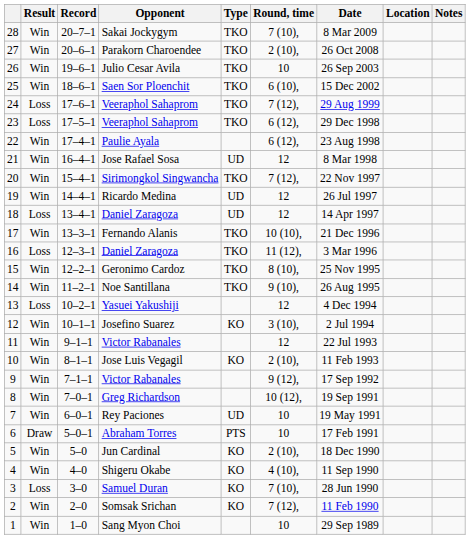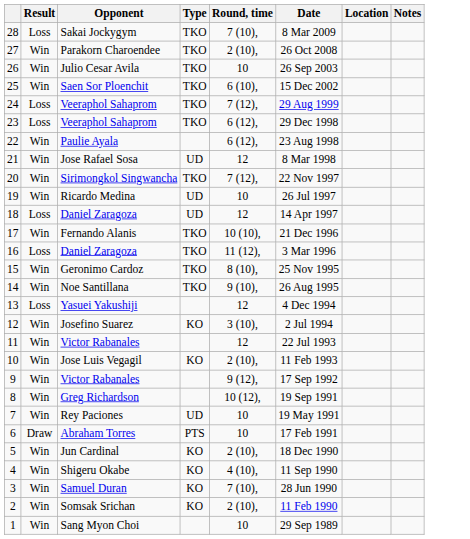 <table class="wikitable" style="text-align:center">
 <tr>
 <th></th>
 <th>Result</th>
-<th>Record</th>
 <th>Opponent</th>
 <th>Type</th>
 <th>Round, time</th>
 <th>Date</th>
 <th>Location</th>
 <th>Notes</th>
 </tr>
 <tr>
 <td>28</td>
-<td>Win</td>
-<td>20–7–1</td>
+<td>Loss</td>
 <td align=left> Sakai Jockygym</td>
 <td>TKO</td>
 <td>7 (10), </td>
 <td>8 Mar 2009</td>
 <td align=left> </td>
 <td align=left></td>
 </tr>
 <tr>
 <td>27</td>
 <td>Win</td>
-<td>20–6–1</td>
 <td align=left> Parakorn Charoendee</td>
 <td>TKO</td>
 <td>2 (10), </td>
 <td>26 Oct 2008</td>
 <td align=left> </td>
 <td align=left></td>
 </tr>
 <tr>
 <td>26</td>
 <td>Win</td>
-<td>19–6–1</td>
 <td align=left> Julio Cesar Avila</td>
 <td>TKO</td>
 <td>10</td>
 <td>26 Sep 2003</td>
 <td align=left> </td>
 <td align=left></td>
 </tr>
 <tr>
 <td>25</td>
 <td>Win</td>
-<td>18–6–1</td>
 <td align=left> <a href='#'>Saen Sor Ploenchit</a></td>
 <td>TKO</td>
 <td>6 (10), </td>
 <td>15 Dec 2002</td>
 <td align=left> </td>
 <td align=left></td>
 </tr>
 <tr>
 <td>24</td>
 <td>Loss</td>
-<td>17–6–1</td>
 <td align=left> <a href='#'>Veeraphol Sahaprom</a></td>
 <td>TKO</td>
 <td>7 (12), </td>
 <td><a href='#'>29 Aug 1999</a></td>
 <td align=left> </td>
 <td align=left></td>
 </tr>
 <tr>
 <td>23</td>
 <td>Loss</td>
-<td>17–5–1</td>
 <td align=left> <a href='#'>Veeraphol Sahaprom</a></td>
 <td>TKO</td>
 <td>6 (12), </td>
 <td>29 Dec 1998</td>
 <td align=left> </td>
 <td align=left></td>
 </tr>
 <tr>
 <td>22</td>
 <td>Win</td>
-<td>17–4–1</td>
 <td align=left> <a href='#'>Paulie Ayala</a></td>
 <td></td>
 <td>6 (12), </td>
 <td>23 Aug 1998</td>
 <td align=left> </td>
 <td align=left></td>
 </tr>
 <tr>
 <td>21</td>
 <td>Win</td>
-<td>16–4–1</td>
 <td align=left> Jose Rafael Sosa</td>
 <td>UD</td>
 <td>12</td>
 <td>8 Mar 1998</td>
 <td align=left> </td>
 <td align=left></td>
 </tr>
 <tr>
 <td>20</td>
 <td>Win</td>
-<td>15–4–1</td>
 <td align=left> <a href='#'>Sirimongkol Singwancha</a></td>
 <td>TKO</td>
 <td>7 (12), </td>
 <td>22 Nov 1997</td>
 <td align=left> </td>
 <td align=left></td>
 </tr>
 <tr>
 <td>19</td>
 <td>Win</td>
-<td>14–4–1</td>
 <td align=left> Ricardo Medina</td>
 <td>UD</td>
-<td>12</td>
+<td>10</td>
 <td>26 Jul 1997</td>
 <td align=left> </td>
 <td align=left></td>
 </tr>
 <tr>
 <td>18</td>
 <td>Loss</td>
-<td>13–4–1</td>
 <td align=left> <a href='#'>Daniel Zaragoza</a></td>
 <td>UD</td>
 <td>12</td>
 <td>14 Apr 1997</td>
 <td align=left> </td>
 <td align=left></td>
 </tr>
 <tr>
 <td>17</td>
 <td>Win</td>
-<td>13–3–1</td>
 <td align=left> Fernando Alanis</td>
 <td>TKO</td>
 <td>10 (10), </td>
 <td>21 Dec 1996</td>
 <td align=left> </td>
 <td align=left></td>
 </tr>
 <tr>
 <td>16</td>
 <td>Loss</td>
-<td>12–3–1</td>
 <td align=left> <a href='#'>Daniel Zaragoza</a></td>
 <td>TKO</td>
 <td>11 (12), </td>
 <td>3 Mar 1996</td>
 <td align=left> </td>
 <td align=left></td>
 </tr>
 <tr>
 <td>15</td>
 <td>Win</td>
-<td>12–2–1</td>
 <td align=left> Geronimo Cardoz</td>
 <td>TKO</td>
 <td>8 (10), </td>
 <td>25 Nov 1995</td>
 <td align=left> </td>
 <td align=left></td>
 </tr>
 <tr>
 <td>14</td>
 <td>Win</td>
-<td>11–2–1</td>
 <td align=left> Noe Santillana</td>
 <td>TKO</td>
 <td>9 (10), </td>
 <td>26 Aug 1995</td>
 <td align=left> </td>
 <td align=left></td>
 </tr>
 <tr>
 <td>13</td>
 <td>Loss</td>
-<td>10–2–1</td>
 <td align=left> <a href='#'>Yasuei Yakushiji</a></td>
 <td></td>
 <td>12</td>
 <td>4 Dec 1994</td>
 <td align=left> </td>
 <td align=left></td>
 </tr>
 <tr>
 <td>12</td>
 <td>Win</td>
-<td>10–1–1</td>
 <td align=left> Josefino Suarez</td>
 <td>KO</td>
 <td>3 (10), </td>
 <td>2 Jul 1994</td>
 <td align=left> </td>
 <td align=left></td>
 </tr>
 <tr>
 <td>11</td>
 <td>Win</td>
-<td>9–1–1</td>
 <td align=left> <a href='#'>Victor Rabanales</a></td>
 <td></td>
 <td>12</td>
 <td>22 Jul 1993</td>
 <td align=left> </td>
 <td align=left></td>
 </tr>
 <tr>
 <td>10</td>
 <td>Win</td>
-<td>8–1–1</td>
 <td align=left> Jose Luis Vegagil</td>
 <td>KO</td>
 <td>2 (10), </td>
 <td>11 Feb 1993</td>
 <td align=left> </td>
 <td align=left></td>
 </tr>
 <tr>
 <td>9</td>
 <td>Win</td>
-<td>7–1–1</td>
 <td align=left> <a href='#'>Victor Rabanales</a></td>
 <td></td>
 <td>9 (12), </td>
 <td>17 Sep 1992</td>
 <td align=left> </td>
 <td align=left></td>
 </tr>
 <tr>
 <td>8</td>
 <td>Win</td>
-<td>7–0–1</td>
 <td align=left> <a href='#'>Greg Richardson</a></td>
 <td></td>
 <td>10 (12), </td>
 <td>19 Sep 1991</td>
 <td align=left> </td>
 <td align=left></td>
 </tr>
 <tr>
 <td>7</td>
 <td>Win</td>
-<td>6–0–1</td>
 <td align=left> Rey Paciones</td>
 <td>UD</td>
 <td>10</td>
 <td>19 May 1991</td>
 <td align=left> </td>
 <td align=left></td>
 </tr>
 <tr>
 <td>6</td>
 <td>Draw</td>
-<td>5–0–1</td>
 <td align=left> <a href='#'>Abraham Torres</a></td>
 <td>PTS</td>
 <td>10</td>
 <td>17 Feb 1991</td>
 <td align=left> </td>
 <td align=left></td>
 </tr>
 <tr>
 <td>5</td>
 <td>Win</td>
-<td>5–0</td>
 <td align=left> Jun Cardinal</td>
 <td>KO</td>
 <td>2 (10), </td>
 <td>18 Dec 1990</td>
 <td align=left> </td>
 <td align=left></td>
 </tr>
 <tr>
 <td>4</td>
 <td>Win</td>
-<td>4–0</td>
 <td align=left> Shigeru Okabe</td>
 <td>KO</td>
 <td>4 (10), </td>
 <td>11 Sep 1990</td>
 <td align=left> </td>
 <td align=left></td>
 </tr>
 <tr>
 <td>3</td>
-<td>Loss</td>
-<td>3–0</td>
+<td>Win</td>
 <td align=left> <a href='#'>Samuel Duran</a></td>
 <td>KO</td>
 <td>7 (10), </td>
 <td>28 Jun 1990</td>
 <td align=left> </td>
 <td align=left></td>
 </tr>
 <tr>
 <td>2</td>
 <td>Win</td>
-<td>2–0</td>
 <td align=left> Somsak Srichan</td>
 <td>KO</td>
-<td>7 (12), </td>
+<td>2 (10), </td>
 <td><a href='#'>11 Feb 1990</a></td>
 <td align=left> </td>
 <td align=left></td>
 </tr>
 <tr>
 <td>1</td>
 <td>Win</td>
-<td>1–0</td>
 <td align=left> Sang Myon Choi</td>
 <td></td>
 <td>10</td>
 <td>29 Sep 1989</td>
 <td align=left> </td>
 <td></td>
 </tr>
 </table>
